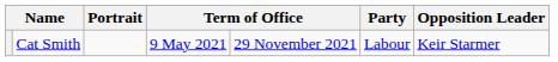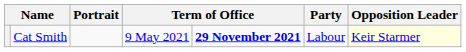 <table class="wikitable">
 <tr>
 <th colspan="2">Name</th>
 <th>Portrait</th>
 <th colspan="2">Term of Office</th>
 <th>Party</th>
 <th>Opposition Leader</th>
 </tr>
 <tr>
 <th style="background-color: "></th>
 <td><a href='#'>Cat Smith</a></td>
 <td></td>
 <td><a href='#'>9 May 2021</a></td>
-<td><a href='#'>29 November 2021</a></td>
+<td><strong><a href='#'>29 November 2021</a></strong></td>
 <td><a href='#'>Labour</a></td>
-<td><a href='#'>Keir Starmer</a></td>
+<td style="background: lightyellow;"><a href='#'>Keir Starmer</a></td>
 </tr>
 </table>
